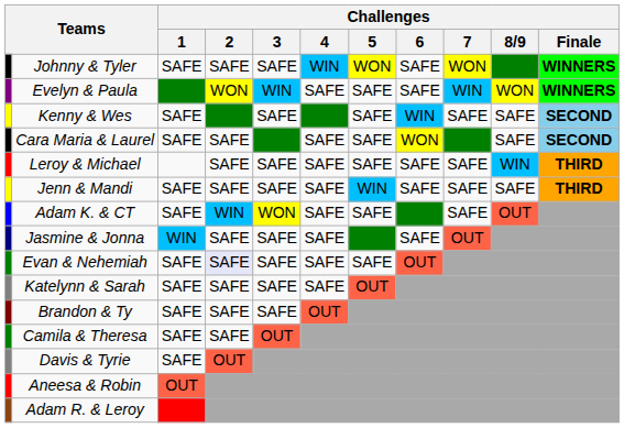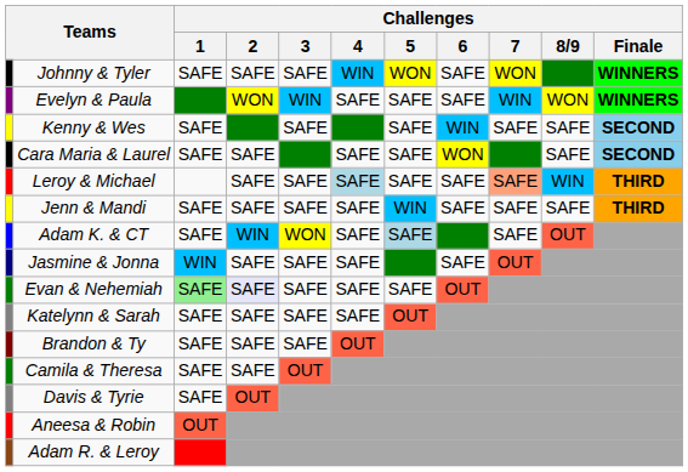 <table class="wikitable" style="text-align:center">
 <tr>
 <th rowspan=2 colspan=2>Teams</th>
 <th colspan=9>Challenges</th>
 </tr>
 <tr>
 <th>1</th>
 <th>2</th>
 <th>3</th>
 <th>4</th>
 <th>5</th>
 <th>6</th>
 <th>7</th>
 <th>8/9</th>
 <th>Finale</th>
 </tr>
 <tr>
 <td bgcolor="black"></td>
 <td><em>Johnny & Tyler</em></td>
 <td>SAFE</td>
 <td>SAFE</td>
 <td>SAFE</td>
 <td bgcolor="deepskyblue">WIN</td>
 <td bgcolor="yellow">WON</td>
 <td>SAFE</td>
 <td bgcolor="yellow">WON</td>
 <td bgcolor="green"></td>
 <td bgcolor="lime"><strong>WINNERS</strong></td>
 </tr>
 <tr>
 <td bgcolor="purple"></td>
 <td><em>Evelyn & Paula</em></td>
 <td bgcolor="green"></td>
 <td bgcolor="yellow">WON</td>
 <td bgcolor="deepskyblue">WIN</td>
 <td>SAFE</td>
 <td>SAFE</td>
 <td>SAFE</td>
 <td bgcolor="deepskyblue">WIN</td>
 <td bgcolor="yellow">WON</td>
 <td bgcolor="lime"><strong>WINNERS</strong></td>
 </tr>
 <tr>
 <td bgcolor="yellow"></td>
 <td><em>Kenny & Wes</em></td>
 <td>SAFE</td>
 <td bgcolor="green"></td>
 <td>SAFE</td>
 <td bgcolor="green"></td>
 <td>SAFE</td>
 <td bgcolor="deepskyblue">WIN</td>
 <td>SAFE</td>
 <td>SAFE</td>
 <td bgcolor="skyblue"><strong>SECOND</strong></td>
 </tr>
 <tr>
 <td bgcolor="black"></td>
 <td nowrap><em>Cara Maria & Laurel</em></td>
 <td>SAFE</td>
 <td>SAFE</td>
 <td bgcolor="green"></td>
 <td>SAFE</td>
 <td>SAFE</td>
 <td bgcolor="yellow">WON</td>
 <td bgcolor="green"></td>
 <td>SAFE</td>
 <td bgcolor="skyblue"><strong>SECOND</strong></td>
 </tr>
 <tr>
 <td bgcolor="red"></td>
 <td><em>Leroy & Michael</em></td>
 <td></td>
 <td>SAFE</td>
 <td>SAFE</td>
+<td style="background: lightblue;">SAFE</td>
 <td>SAFE</td>
 <td>SAFE</td>
-<td>SAFE</td>
-<td>SAFE</td>
+<td style="background: lightsalmon;">SAFE</td>
 <td bgcolor="deepskyblue">WIN</td>
 <td bgcolor="orange"><strong>THIRD</strong></td>
 </tr>
 <tr>
 <td bgcolor="Yellow"></td>
 <td><em>Jenn & Mandi</em></td>
 <td>SAFE</td>
 <td>SAFE</td>
 <td>SAFE</td>
 <td>SAFE</td>
 <td bgcolor="deepskyblue">WIN</td>
 <td>SAFE</td>
 <td>SAFE</td>
 <td>SAFE</td>
 <td bgcolor="orange"><strong>THIRD</strong></td>
 </tr>
 <tr>
 <td bgcolor="blue"></td>
 <td><em>Adam K. & CT</em></td>
 <td>SAFE</td>
 <td bgcolor="deepskyblue">WIN</td>
 <td bgcolor="yellow">WON</td>
 <td>SAFE</td>
-<td>SAFE</td>
+<td style="background: lightblue;">SAFE</td>
 <td bgcolor="green"></td>
 <td>SAFE</td>
 <td bgcolor="tomato">OUT</td>
 <td bgcolor="darkgray" colspan=2></td>
 </tr>
 <tr>
 <td bgcolor="navy"></td>
 <td><em>Jasmine & Jonna</em></td>
 <td bgcolor="deepskyblue">WIN</td>
 <td>SAFE</td>
 <td>SAFE</td>
 <td>SAFE</td>
 <td bgcolor="green"></td>
 <td>SAFE</td>
 <td bgcolor="tomato">OUT</td>
 <td bgcolor="darkgray" colspan=2></td>
 </tr>
 <tr>
 <td bgcolor="Green"></td>
 <td><em>Evan & Nehemiah</em></td>
-<td>SAFE</td>
+<td style="background: lightgreen;">SAFE</td>
 <td style="background: lavender;">SAFE</td>
 <td>SAFE</td>
 <td>SAFE</td>
 <td>SAFE</td>
 <td bgcolor="tomato">OUT</td>
 <td bgcolor="darkgray" colspan=3></td>
 </tr>
 <tr>
 <td bgcolor="gray"></td>
 <td><em>Katelynn & Sarah</em></td>
 <td>SAFE</td>
 <td>SAFE</td>
 <td>SAFE</td>
 <td>SAFE</td>
 <td bgcolor="tomato">OUT</td>
 <td bgcolor="darkgray" colspan=4></td>
 </tr>
 <tr>
 <td bgcolor="Maroon"></td>
 <td><em>Brandon & Ty</em></td>
 <td>SAFE</td>
 <td>SAFE</td>
 <td>SAFE</td>
 <td bgcolor="tomato">OUT</td>
 <td bgcolor="darkgray" colspan=5></td>
 </tr>
 <tr>
 <td bgcolor="green"></td>
 <td><em>Camila & Theresa</em></td>
 <td>SAFE</td>
 <td>SAFE</td>
 <td bgcolor="tomato">OUT</td>
 <td bgcolor="darkgray" colspan=6></td>
 </tr>
 <tr>
 <td bgcolor="Gray"></td>
 <td><em>Davis & Tyrie</em></td>
 <td>SAFE</td>
 <td bgcolor="tomato">OUT</td>
 <td bgcolor="darkgray" colspan=7></td>
 </tr>
 <tr>
 <td bgcolor="red"></td>
 <td><em>Aneesa & Robin</em></td>
 <td bgcolor="tomato">OUT</td>
 <td bgcolor="darkgray" colspan=8></td>
 </tr>
 <tr>
 <td bgcolor="saddlebrown"></td>
 <td><em>Adam R. & Leroy</em></td>
 <td bgcolor="red"></td>
 <td bgcolor="darkgray" colspan=8></td>
 </tr>
 </table>
